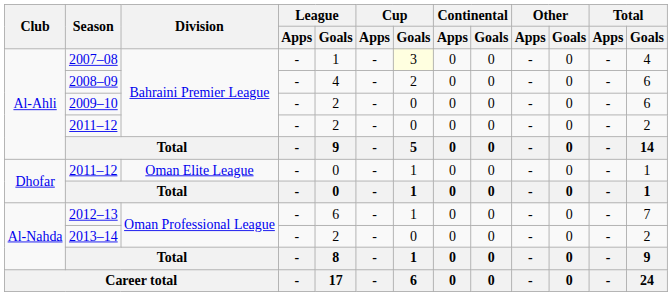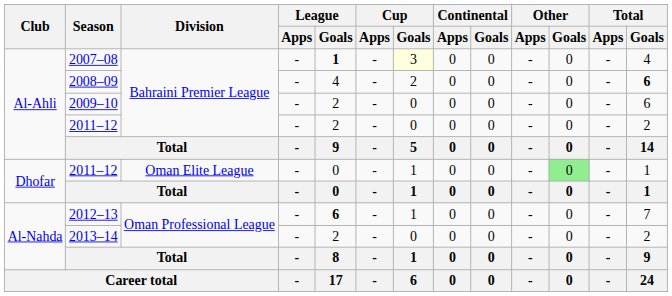 <table class="wikitable" style="text-align: center;">
 <tr>
 <th rowspan="2">Club</th>
 <th rowspan="2">Season</th>
 <th rowspan="2">Division</th>
 <th colspan="2">League</th>
 <th colspan="2">Cup</th>
 <th colspan="2">Continental</th>
 <th colspan="2">Other</th>
 <th colspan="2">Total</th>
 </tr>
 <tr>
 <th>Apps</th>
 <th>Goals</th>
 <th>Apps</th>
 <th>Goals</th>
 <th>Apps</th>
 <th>Goals</th>
 <th>Apps</th>
 <th>Goals</th>
 <th>Apps</th>
 <th>Goals</th>
 </tr>
 <tr>
 <td rowspan="5"><a href='#'>Al-Ahli</a></td>
 <td><a href='#'>2007–08</a></td>
 <td rowspan="4"><a href='#'>Bahraini Premier League</a></td>
 <td>-</td>
-<td>1</td>
+<td><strong>1</strong></td>
 <td>-</td>
 <td style="background: lightyellow;">3</td>
 <td>0</td>
 <td>0</td>
 <td>-</td>
 <td>0</td>
 <td>-</td>
 <td>4</td>
 </tr>
 <tr>
 <td><a href='#'>2008–09</a></td>
 <td>-</td>
 <td>4</td>
 <td>-</td>
 <td>2</td>
 <td>0</td>
 <td>0</td>
 <td>-</td>
 <td>0</td>
 <td>-</td>
-<td>6</td>
+<td><strong>6</strong></td>
 </tr>
 <tr>
 <td><a href='#'>2009–10</a></td>
 <td>-</td>
 <td>2</td>
 <td>-</td>
 <td>0</td>
 <td>0</td>
 <td>0</td>
 <td>-</td>
 <td>0</td>
 <td>-</td>
 <td>6</td>
 </tr>
 <tr>
 <td><a href='#'>2011–12</a></td>
 <td>-</td>
 <td>2</td>
 <td>-</td>
 <td>0</td>
 <td>0</td>
 <td>0</td>
 <td>-</td>
 <td>0</td>
 <td>-</td>
 <td>2</td>
 </tr>
 <tr>
 <th colspan="2">Total</th>
 <th>-</th>
 <th>9</th>
 <th>-</th>
 <th>5</th>
 <th>0</th>
 <th>0</th>
 <th>-</th>
 <th>0</th>
 <th>-</th>
 <th>14</th>
 </tr>
 <tr>
 <td rowspan="2"><a href='#'>Dhofar</a></td>
 <td><a href='#'>2011–12</a></td>
 <td rowspan="1"><a href='#'>Oman Elite League</a></td>
 <td>-</td>
 <td>0</td>
 <td>-</td>
 <td>1</td>
 <td>0</td>
 <td>0</td>
 <td>-</td>
-<td>0</td>
+<td style="background: lightgreen;">0</td>
 <td>-</td>
 <td>1</td>
 </tr>
 <tr>
 <th colspan="2">Total</th>
 <th>-</th>
 <th>0</th>
 <th>-</th>
 <th>1</th>
 <th>0</th>
 <th>0</th>
 <th>-</th>
 <th>0</th>
 <th>-</th>
 <th>1</th>
 </tr>
 <tr>
 <td rowspan="3"><a href='#'>Al-Nahda</a></td>
 <td><a href='#'>2012–13</a></td>
 <td rowspan="2"><a href='#'>Oman Professional League</a></td>
 <td>-</td>
-<td>6</td>
+<td><strong>6</strong></td>
 <td>-</td>
 <td>1</td>
 <td>0</td>
 <td>0</td>
 <td>-</td>
 <td>0</td>
 <td>-</td>
 <td>7</td>
 </tr>
 <tr>
 <td><a href='#'>2013–14</a></td>
 <td>-</td>
 <td>2</td>
 <td>-</td>
 <td>0</td>
 <td>0</td>
 <td>0</td>
 <td>-</td>
 <td>0</td>
 <td>-</td>
 <td>2</td>
 </tr>
 <tr>
 <th colspan="2">Total</th>
 <th>-</th>
 <th>8</th>
 <th>-</th>
 <th>1</th>
 <th>0</th>
 <th>0</th>
 <th>-</th>
 <th>0</th>
 <th>-</th>
 <th>9</th>
 </tr>
 <tr>
 <th colspan="3">Career total</th>
 <th>-</th>
 <th>17</th>
 <th>-</th>
 <th>6</th>
 <th>0</th>
 <th>0</th>
 <th>-</th>
 <th>0</th>
 <th>-</th>
 <th>24</th>
 </tr>
 </table>
